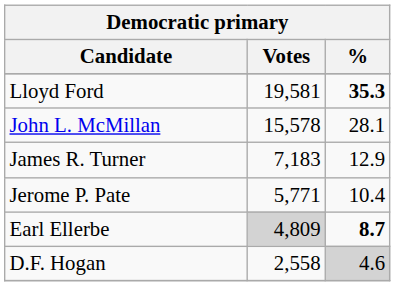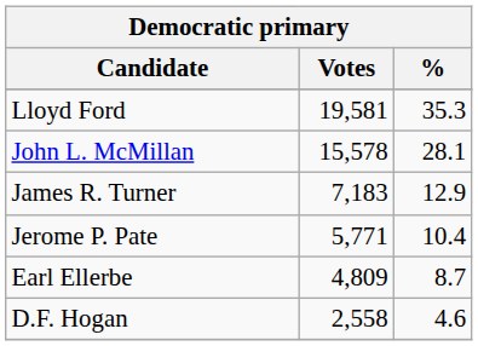 <table class="wikitable" align="left" style="margin: 1em 1em 1em 0; font-size: 95%;">
 <tr>
 <th colspan="3">Democratic primary</th>
 </tr>
 <tr>
 <th colspan="1" style="width: 170px">Candidate</th>
 <th style="width: 50px">Votes</th>
 <th style="width: 40px">%</th>
 </tr>
 <tr>
 </tr>
 <tr>
 <td>Lloyd Ford</td>
 <td align="right">19,581</td>
-<td align="right"><strong>35.3</strong></td>
+<td align="right">35.3</td>
 </tr>
 <tr>
 <td><a href='#'>John L. McMillan</a></td>
 <td align="right">15,578</td>
 <td align="right">28.1</td>
 </tr>
 <tr>
 <td>James R. Turner</td>
 <td align="right">7,183</td>
 <td align="right">12.9</td>
 </tr>
 <tr>
 <td>Jerome P. Pate</td>
 <td align="right">5,771</td>
 <td align="right">10.4</td>
 </tr>
 <tr>
 <td>Earl Ellerbe</td>
-<td align="right" style="background: lightgrey;">4,809</td>
-<td align="right"><strong>8.7</strong></td>
+<td align="right">4,809</td>
+<td align="right">8.7</td>
 </tr>
 <tr>
 <td>D.F. Hogan</td>
 <td align="right">2,558</td>
-<td align="right" style="background: lightgrey;">4.6</td>
+<td align="right">4.6</td>
 </tr>
 <tr>
 </tr>
 </table>
